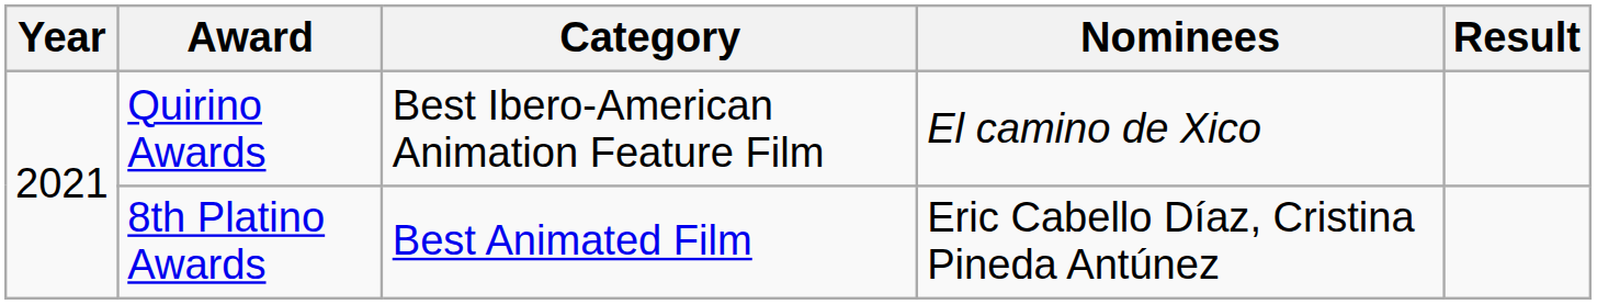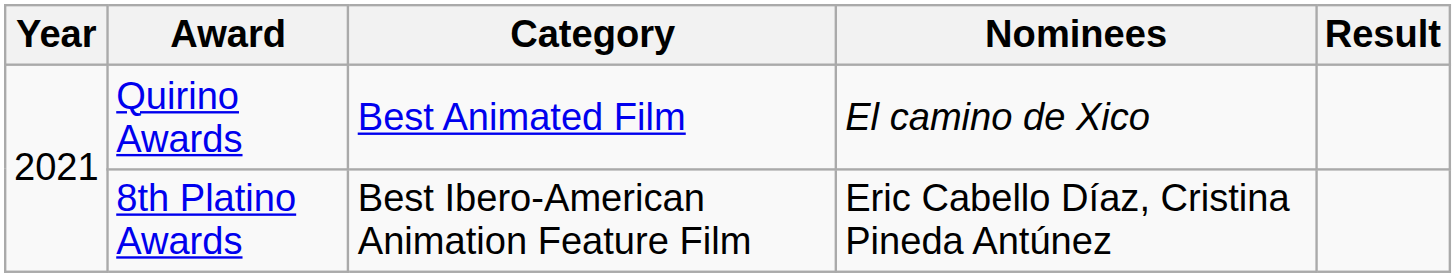 <table class="wikitable">
 <tr>
 <th>Year</th>
 <th>Award</th>
 <th>Category</th>
 <th>Nominees</th>
 <th>Result</th>
 </tr>
 <tr>
 <td rowspan="2">2021</td>
 <td><a href='#'>Quirino Awards</a></td>
-<td>Best Ibero-American Animation Feature Film</td>
+<td><a href='#'>Best Animated Film</a></td>
 <td><em>El camino de Xico</em></td>
 <td></td>
 </tr>
 <tr>
 <td><a href='#'>8th Platino Awards</a></td>
-<td><a href='#'>Best Animated Film</a></td>
+<td>Best Ibero-American Animation Feature Film</td>
 <td>Eric Cabello Díaz, Cristina Pineda Antúnez</td>
 <td></td>
 </tr>
 </table>
